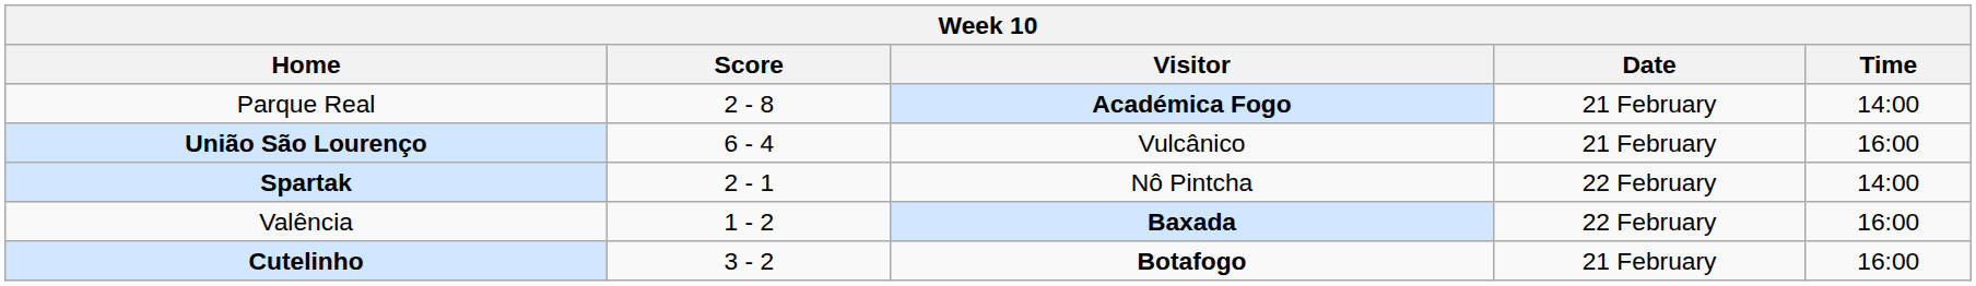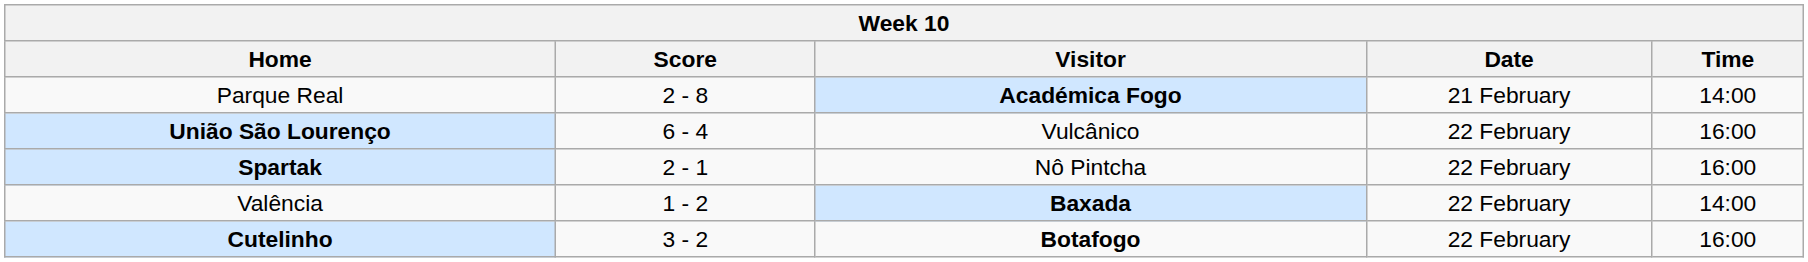 <table class="wikitable" style="margin:1em auto; font-size:95%; text-align: center; width: 95%;">
 <tr>
 <th colspan="12"  style="with:100%;">Week 10</th>
 </tr>
 <tr>
 <th style="width:200px;">Home</th>
 <th width="90">Score</th>
 <th style="width:200px;">Visitor</th>
 <th style="width:100px;">Date</th>
 <th style="width:50px;">Time</th>
 </tr>
 <tr>
 <td>Parque Real</td>
 <td>2 - 8</td>
 <td bgcolor=#D0E7FF><strong>Académica Fogo</strong></td>
 <td>21 February</td>
 <td>14:00</td>
 </tr>
 <tr>
 <td bgcolor=#D0E7FF><strong>União São Lourenço</strong></td>
 <td>6 - 4</td>
 <td>Vulcânico</td>
-<td>21 February</td>
+<td>22 February</td>
 <td>16:00</td>
 </tr>
 <tr>
 <td bgcolor=#D0E7FF><strong>Spartak</strong></td>
 <td>2 - 1</td>
 <td>Nô Pintcha</td>
 <td>22 February</td>
-<td>14:00</td>
+<td>16:00</td>
 </tr>
 <tr>
 <td>Valência</td>
 <td>1 - 2</td>
 <td bgcolor=#D0E7FF><strong>Baxada</strong></td>
 <td>22 February</td>
-<td>16:00</td>
+<td>14:00</td>
 </tr>
 <tr>
 <td bgcolor=#D0E7FF><strong>Cutelinho</strong></td>
 <td>3 - 2</td>
 <td><strong>Botafogo</strong></td>
-<td>21 February</td>
+<td>22 February</td>
 <td>16:00</td>
 </tr>
 </table>
